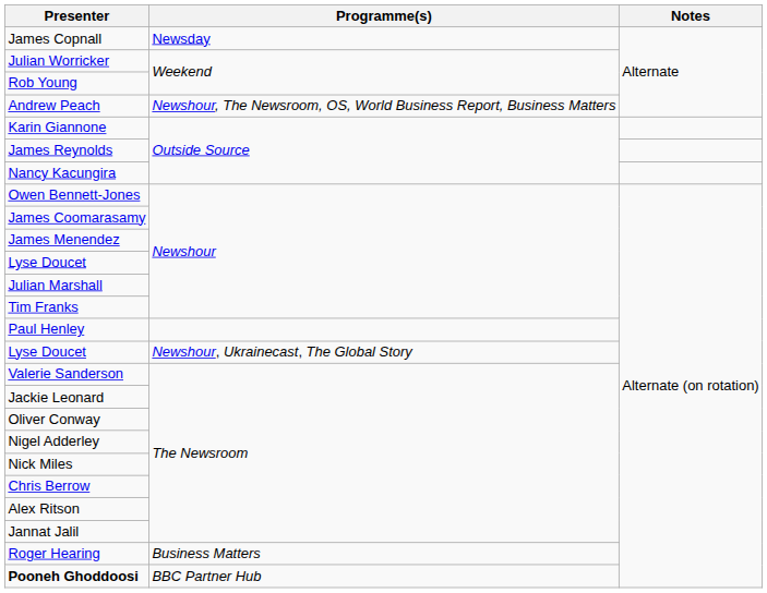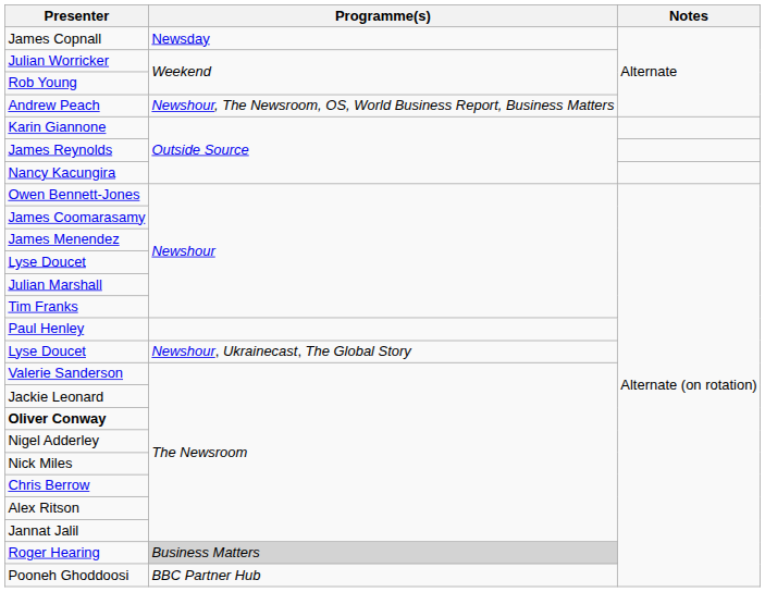 <table class="wikitable sortable">
 <tr>
 <th>Presenter</th>
 <th>Programme(s)</th>
 <th>Notes </th>
 </tr>
 <tr>
 <td>James Copnall</td>
 <td><a href='#'>Newsday</a></td>
 <td rowspan="4">Alternate</td>
 </tr>
 <tr>
 <td><a href='#'>Julian Worricker</a></td>
 <td rowspan="2"><em>Weekend</em></td>
 </tr>
 <tr>
 <td><a href='#'>Rob Young</a></td>
 </tr>
 <tr>
 <td><a href='#'>Andrew Peach</a></td>
 <td><em><a href='#'>Newshour</a>, The Newsroom, OS, World Business Report, Business Matters</em></td>
 </tr>
 <tr>
 <td><a href='#'>Karin Giannone</a></td>
 <td rowspan="3"><em><a href='#'>Outside Source</a></em></td>
 <td></td>
 </tr>
 <tr>
 <td><a href='#'>James Reynolds</a></td>
 <td></td>
 </tr>
 <tr>
 <td><a href='#'>Nancy Kacungira</a></td>
 <td></td>
 </tr>
 <tr>
 <td><a href='#'>Owen Bennett-Jones</a></td>
 <td rowspan="6"><em><a href='#'>Newshour</a></em></td>
 <td rowspan="18">Alternate (on rotation)</td>
 </tr>
 <tr>
 <td><a href='#'>James Coomarasamy</a></td>
 </tr>
 <tr>
 <td><a href='#'>James Menendez</a></td>
 </tr>
 <tr>
 <td><a href='#'>Lyse Doucet</a></td>
 </tr>
 <tr>
 <td><a href='#'>Julian Marshall</a></td>
 </tr>
 <tr>
 <td><a href='#'>Tim Franks</a></td>
 </tr>
 <tr>
 <td><a href='#'>Paul Henley</a></td>
 </tr>
 <tr>
 <td><a href='#'>Lyse Doucet</a></td>
 <td><em><a href='#'>Newshour</a></em>, <em>Ukrainecast</em>, <em>The Global Story</em></td>
 </tr>
 <tr>
 <td><a href='#'>Valerie Sanderson</a></td>
 <td rowspan="8"><em>The Newsroom</em></td>
 </tr>
 <tr>
 <td>Jackie Leonard</td>
 </tr>
 <tr>
-<td>Oliver Conway</td>
+<td><strong>Oliver Conway</strong></td>
 </tr>
 <tr>
 <td>Nigel Adderley</td>
 </tr>
 <tr>
 <td>Nick Miles</td>
 </tr>
 <tr>
 <td><a href='#'>Chris Berrow</a></td>
 </tr>
 <tr>
 <td>Alex Ritson</td>
 </tr>
 <tr>
 <td>Jannat Jalil</td>
 </tr>
 <tr>
 <td><a href='#'>Roger Hearing</a></td>
-<td><em>Business Matters</em></td>
+<td style="background: lightgrey;"><em>Business Matters</em></td>
 </tr>
 <tr>
-<td><strong>Pooneh Ghoddoosi</strong></td>
+<td>Pooneh Ghoddoosi</td>
 <td><em>BBC Partner Hub</em></td>
 </tr>
 </table>
